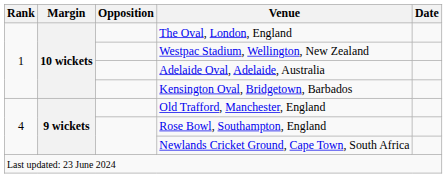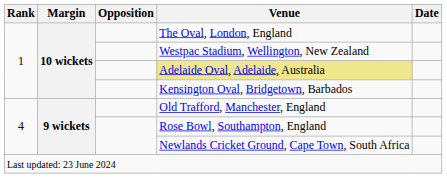 <table class="wikitable plainrowheaders">
 <tr>
 <th scope=col>Rank</th>
 <th scope=col>Margin</th>
 <th scope=col>Opposition</th>
 <th scope=col>Venue</th>
 <th scope=col>Date</th>
 </tr>
 <tr>
 <td align=center rowspan=4>1</td>
 <th scope=row style=text-align:center rowspan=4>10 wickets</th>
 <td></td>
 <td><a href='#'>The Oval</a>, <a href='#'>London</a>, England</td>
 <td></td>
 </tr>
 <tr>
 <td></td>
 <td><a href='#'>Westpac Stadium</a>, <a href='#'>Wellington</a>, New Zealand</td>
 <td></td>
 </tr>
 <tr>
 <td></td>
-<td><a href='#'>Adelaide Oval</a>, <a href='#'>Adelaide</a>, Australia</td>
+<td style="background: khaki;"><a href='#'>Adelaide Oval</a>, <a href='#'>Adelaide</a>, Australia</td>
 <td> </td>
 </tr>
 <tr>
 <td></td>
 <td><a href='#'>Kensington Oval</a>, <a href='#'>Bridgetown</a>, Barbados</td>
 <td> </td>
 </tr>
 <tr>
 <td align=center rowspan=3>4</td>
 <th scope=row style=text-align:center rowspan=3>9 wickets</th>
 <td></td>
 <td><a href='#'>Old Trafford</a>, <a href='#'>Manchester</a>, England</td>
 <td></td>
 </tr>
 <tr>
 <td rowspan=2></td>
 <td><a href='#'>Rose Bowl</a>, <a href='#'>Southampton</a>, England</td>
 <td></td>
 </tr>
 <tr>
 <td><a href='#'>Newlands Cricket Ground</a>, <a href='#'>Cape Town</a>, South Africa</td>
 <td></td>
 </tr>
 <tr>
 <td colspan=5><small>Last updated: 23 June 2024</small></td>
 </tr>
 </table>
